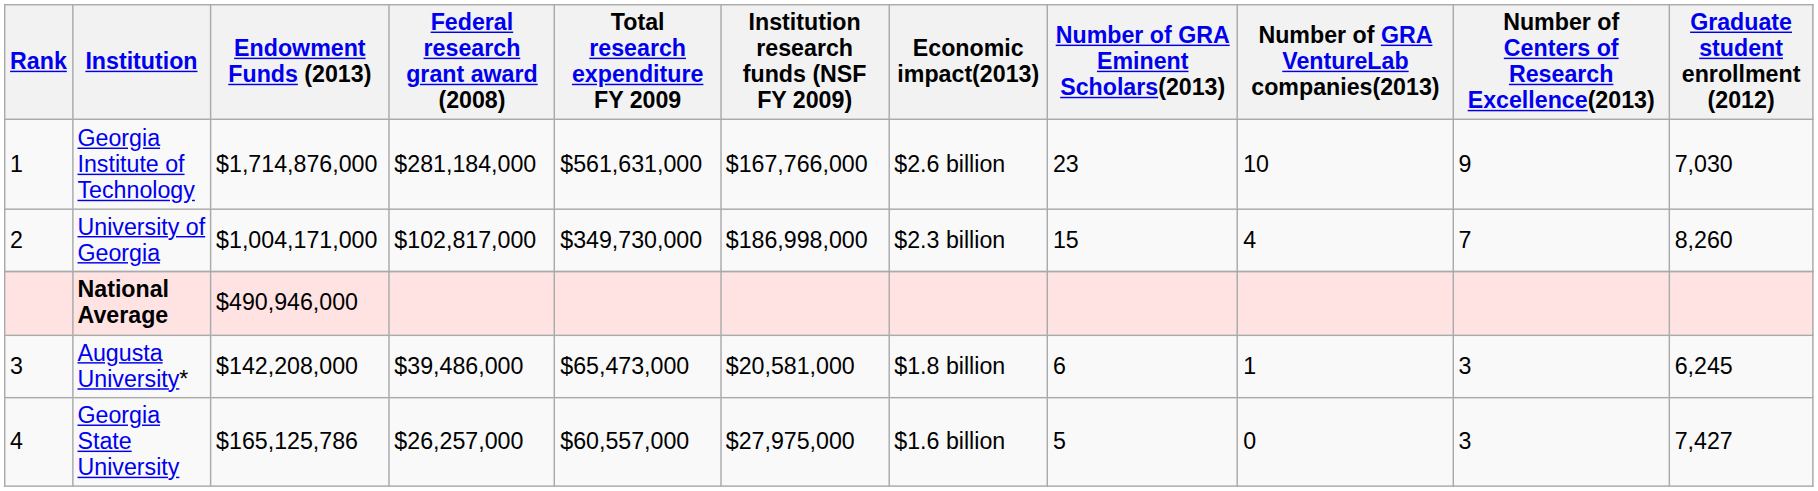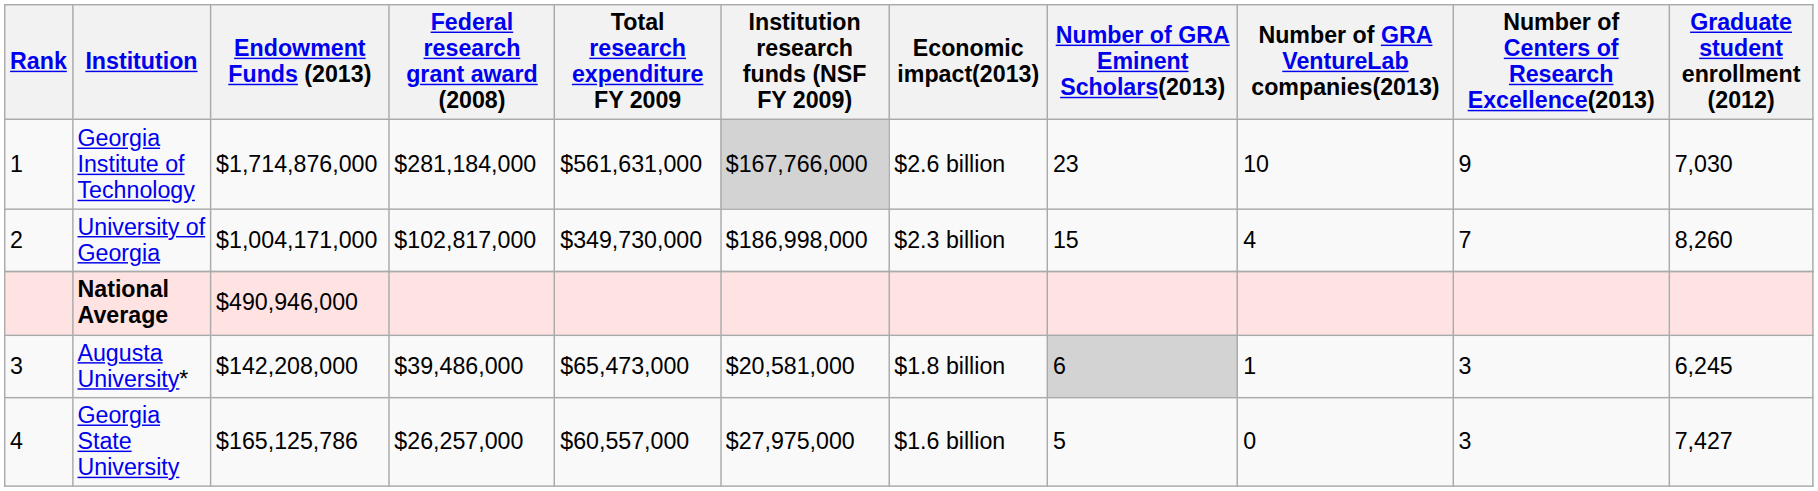 <table class="wikitable">
 <tr>
 <th><a href='#'>Rank</a></th>
 <th><a href='#'>Institution</a></th>
 <th><a href='#'>Endowment Funds</a> (2013)</th>
 <th><a href='#'>Federal research grant award</a> (2008)</th>
 <th>Total <a href='#'>research expenditure</a> FY 2009</th>
 <th>Institution research funds (NSF FY 2009)</th>
 <th>Economic impact(2013)</th>
 <th><a href='#'>Number of GRA Eminent Scholars</a>(2013)</th>
 <th>Number of <a href='#'>GRA VentureLab</a> companies(2013)</th>
 <th>Number of <a href='#'>Centers of Research Excellence</a>(2013)</th>
 <th><a href='#'>Graduate student</a> enrollment (2012)</th>
 </tr>
 <tr>
 <td>1</td>
 <td><a href='#'>Georgia Institute of Technology</a></td>
 <td>$1,714,876,000</td>
 <td>$281,184,000</td>
 <td>$561,631,000</td>
-<td>$167,766,000</td>
+<td style="background: lightgrey;">$167,766,000</td>
 <td>$2.6 billion</td>
 <td>23</td>
 <td>10</td>
 <td>9</td>
 <td>7,030</td>
 </tr>
 <tr>
 <td>2</td>
 <td><a href='#'>University of Georgia</a></td>
 <td>$1,004,171,000</td>
 <td>$102,817,000</td>
 <td>$349,730,000</td>
 <td>$186,998,000</td>
 <td>$2.3 billion</td>
 <td>15</td>
 <td>4</td>
 <td>7</td>
 <td>8,260</td>
 </tr>
 <tr>
 </tr>
 <tr bgcolor=#ffe3e3>
 <td></td>
 <td><strong>National Average</strong></td>
 <td>$490,946,000</td>
 <td></td>
 <td></td>
 <td></td>
 <td></td>
 <td></td>
 <td></td>
 <td></td>
 <td></td>
 </tr>
 <tr>
 <td>3</td>
 <td><a href='#'>Augusta University</a>*</td>
 <td>$142,208,000</td>
 <td>$39,486,000</td>
 <td>$65,473,000</td>
 <td>$20,581,000</td>
 <td>$1.8 billion</td>
-<td>6</td>
+<td style="background: lightgrey;">6</td>
 <td>1</td>
 <td>3</td>
 <td>6,245</td>
 </tr>
 <tr>
 <td>4</td>
 <td><a href='#'>Georgia State University</a></td>
 <td>$165,125,786</td>
 <td>$26,257,000</td>
 <td>$60,557,000</td>
 <td>$27,975,000</td>
 <td>$1.6 billion</td>
 <td>5</td>
 <td>0</td>
 <td>3</td>
 <td>7,427</td>
 </tr>
 </table>
